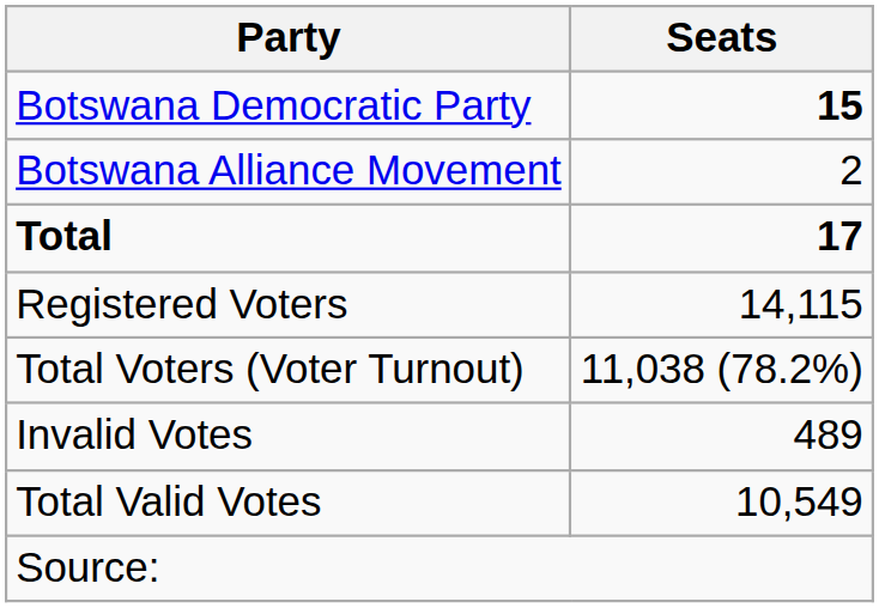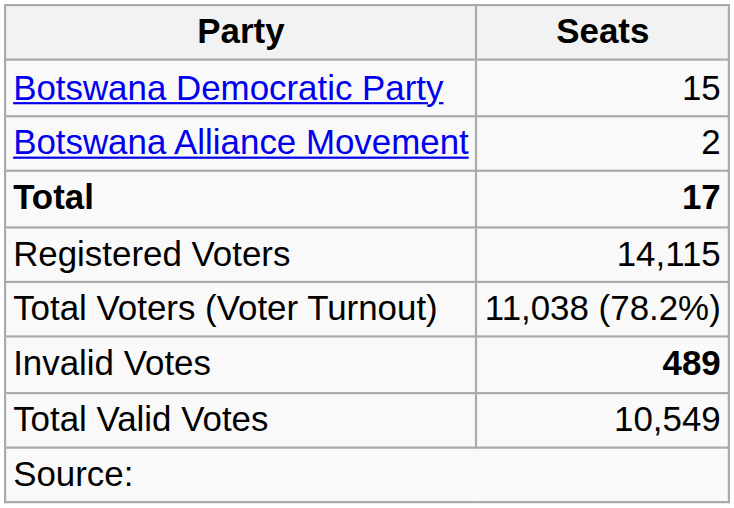 <table class=wikitable style=text-align:right>
 <tr>
 <th>Party</th>
 <th>Seats</th>
 </tr>
 <tr>
 <td align=left><a href='#'>Botswana Democratic Party</a></td>
-<td><strong>15</strong></td>
+<td>15</td>
 </tr>
 <tr>
 <td align=left><a href='#'>Botswana Alliance Movement</a></td>
 <td>2</td>
 </tr>
 <tr>
 <td align=left><strong>Total</strong></td>
 <td><strong>17</strong></td>
 </tr>
 <tr>
 <td align=left>Registered Voters</td>
 <td>14,115</td>
 </tr>
 <tr>
 <td align=left>Total Voters (Voter Turnout)</td>
 <td>11,038 (78.2%)</td>
 </tr>
 <tr>
 <td align=left>Invalid Votes</td>
-<td>489</td>
+<td><strong>489</strong></td>
 </tr>
 <tr>
 <td align=left>Total Valid Votes</td>
 <td>10,549</td>
 </tr>
 <tr>
 <td colspan=4 align=left>Source: </td>
 </tr>
 </table>
